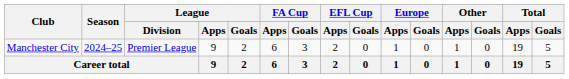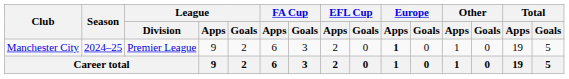 <table class="wikitable" style="text-align: center;">
 <tr>
 <th rowspan="2">Club</th>
 <th rowspan="2">Season</th>
 <th colspan="3">League</th>
 <th colspan="2"><a href='#'>FA Cup</a></th>
 <th colspan="2"><a href='#'>EFL Cup</a></th>
 <th colspan="2"><a href='#'>Europe</a></th>
 <th colspan="2">Other</th>
 <th colspan="2">Total</th>
 </tr>
 <tr>
 <th>Division</th>
 <th>Apps</th>
 <th>Goals</th>
 <th>Apps</th>
 <th>Goals</th>
 <th>Apps</th>
 <th>Goals</th>
 <th>Apps</th>
 <th>Goals</th>
 <th>Apps</th>
 <th>Goals</th>
 <th>Apps</th>
 <th>Goals</th>
 </tr>
 <tr>
 <td><a href='#'>Manchester City</a></td>
 <td><a href='#'>2024–25</a></td>
 <td><a href='#'>Premier League</a></td>
 <td>9</td>
 <td>2</td>
 <td>6</td>
 <td>3</td>
 <td>2</td>
 <td>0</td>
-<td>1</td>
+<td><strong>1</strong></td>
 <td>0</td>
 <td>1</td>
 <td>0</td>
 <td>19</td>
 <td>5</td>
 </tr>
 <tr>
 <th colspan="3">Career total</th>
 <th>9</th>
 <th>2</th>
 <th>6</th>
 <th>3</th>
 <th>2</th>
 <th>0</th>
 <th>1</th>
 <th>0</th>
 <th>1</th>
 <th>0</th>
 <th>19</th>
 <th>5</th>
 </tr>
 </table>
